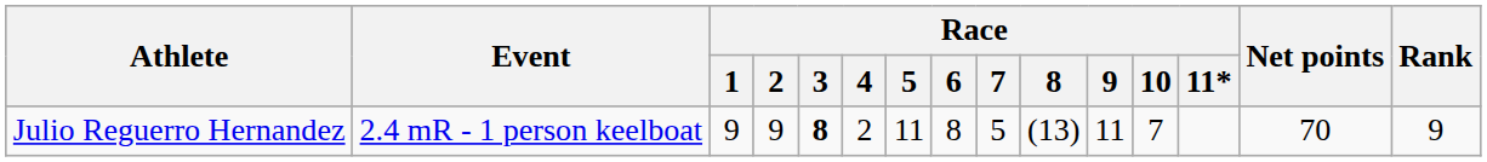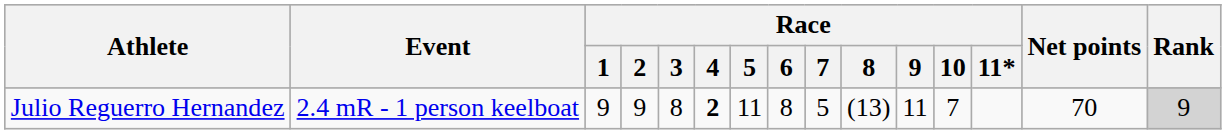 <table class=wikitable>
 <tr>
 <th rowspan="2">Athlete</th>
 <th rowspan="2">Event</th>
 <th colspan="11">Race</th>
 <th rowspan="2">Net points</th>
 <th rowspan="2">Rank</th>
 </tr>
 <tr>
 <th width="15">1</th>
 <th width="15">2</th>
 <th width="15">3</th>
 <th width="15">4</th>
 <th width="15">5</th>
 <th width="15">6</th>
 <th width="15">7</th>
 <th width="15">8</th>
 <th width="15">9</th>
 <th width="15">10</th>
 <th width="15">11*</th>
 </tr>
 <tr align=center>
 <td align=left><a href='#'>Julio Reguerro Hernandez</a></td>
 <td align=left><a href='#'>2.4 mR - 1 person keelboat</a></td>
 <td>9</td>
 <td>9</td>
-<td><strong>8</strong></td>
-<td>2</td>
+<td>8</td>
+<td><strong>2</strong></td>
 <td>11</td>
 <td>8</td>
 <td>5</td>
 <td>(13)</td>
 <td>11</td>
 <td>7</td>
 <td></td>
 <td>70</td>
-<td>9</td>
+<td style="background: lightgrey;">9</td>
 </tr>
 </table>
